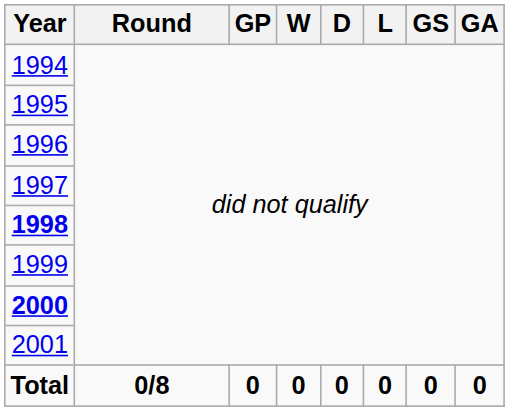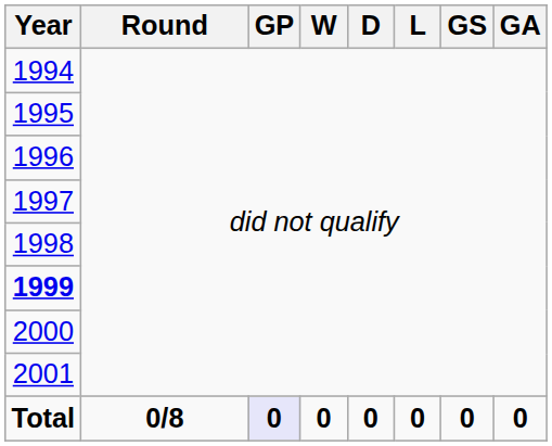 <table class="wikitable" style="text-align: center;">
 <tr>
 <th>Year</th>
 <th width="90">Round</th>
 <th width="20">GP</th>
 <th width="20">W</th>
 <th width="20">D</th>
 <th width="20">L</th>
 <th width="20">GS</th>
 <th width="20">GA</th>
 </tr>
 <tr>
 <td> <a href='#'>1994</a></td>
 <td rowspan=8 colspan=8><em>did not qualify</em></td>
 </tr>
 <tr>
 <td> <a href='#'>1995</a></td>
 </tr>
 <tr>
 <td> <a href='#'>1996</a></td>
 </tr>
 <tr>
 <td> <a href='#'>1997</a></td>
 </tr>
 <tr>
-<td><strong> <a href='#'>1998</a></strong></td>
+<td> <a href='#'>1998</a></td>
 </tr>
 <tr>
-<td> <a href='#'>1999</a></td>
+<td><strong> <a href='#'>1999</a></strong></td>
 </tr>
 <tr>
-<td><strong> <a href='#'>2000</a></strong></td>
+<td> <a href='#'>2000</a></td>
 </tr>
 <tr>
 <td> <a href='#'>2001</a></td>
 </tr>
 <tr>
 <td><strong>Total</strong></td>
 <td><strong>0/8</strong></td>
-<td><strong>0</strong></td>
+<td style="background: lavender;"><strong>0</strong></td>
 <td><strong>0</strong></td>
 <td><strong>0</strong></td>
 <td><strong>0</strong></td>
 <td><strong>0</strong></td>
 <td><strong>0</strong></td>
 </tr>
 </table>
